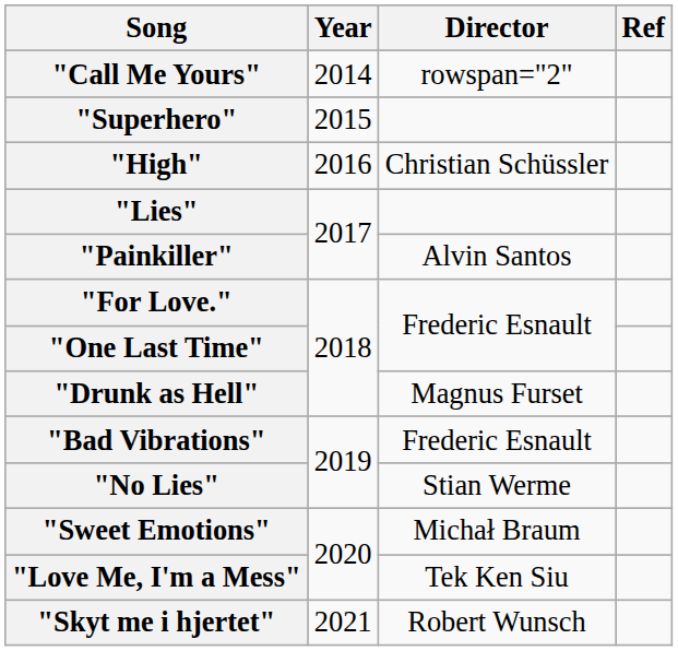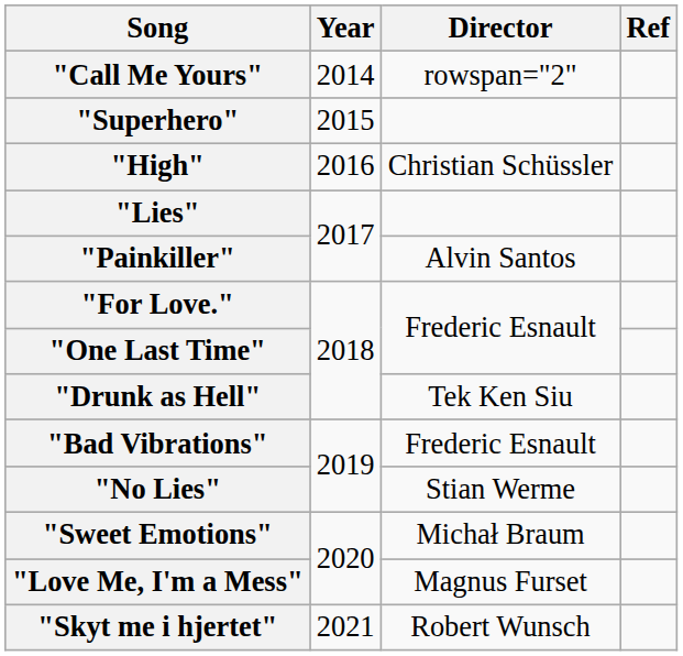 <table class="wikitable plainrowheaders" style="text-align:center;">
 <tr>
 <th scope="col">Song</th>
 <th scope="col">Year</th>
 <th scope="col">Director</th>
 <th scope="col">Ref</th>
 </tr>
 <tr>
 <th scope="row">"Call Me Yours"</th>
 <td>2014</td>
 <td>rowspan="2" </td>
 <td></td>
 </tr>
 <tr>
 <th scope="row">"Superhero"</th>
 <td>2015</td>
 <td></td>
 </tr>
 <tr>
 <th scope="row">"High"</th>
 <td>2016</td>
 <td>Christian Schüssler</td>
 <td></td>
 </tr>
 <tr>
 <th scope="row">"Lies"</th>
 <td rowspan="2">2017</td>
 <td></td>
 <td></td>
 </tr>
 <tr>
 <th scope="row">"Painkiller"</th>
 <td>Alvin Santos</td>
 <td></td>
 </tr>
 <tr>
 <th scope="row">"For Love."</th>
 <td rowspan="3">2018</td>
 <td rowspan="2">Frederic Esnault</td>
 <td></td>
 </tr>
 <tr>
 <th scope="row">"One Last Time"</th>
 <td></td>
 </tr>
 <tr>
 <th scope="row">"Drunk as Hell"</th>
-<td>Magnus Furset</td>
+<td>Tek Ken Siu</td>
 <td></td>
 </tr>
 <tr>
 <th scope="row">"Bad Vibrations"</th>
 <td rowspan="2">2019</td>
 <td>Frederic Esnault</td>
 <td></td>
 </tr>
 <tr>
 <th scope="row">"No Lies"</th>
 <td>Stian Werme</td>
 <td></td>
 </tr>
 <tr>
 <th scope="row">"Sweet Emotions"</th>
 <td rowspan="2">2020</td>
 <td>Michał Braum</td>
 <td></td>
 </tr>
 <tr>
 <th scope="row">"Love Me, I'm a Mess"</th>
-<td>Tek Ken Siu</td>
+<td>Magnus Furset</td>
 <td></td>
 </tr>
 <tr>
 <th scope="row">"Skyt me i hjertet"</th>
 <td>2021</td>
 <td>Robert Wunsch</td>
 <td></td>
 </tr>
 </table>
